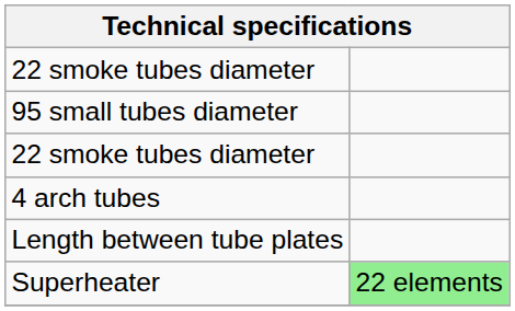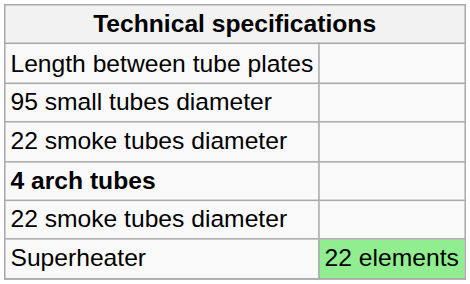 <table class="wikitable">
 <tr>
 <th colspan=2>Technical specifications</th>
 </tr>
 <tr>
-<td>22 smoke tubes diameter</td>
+<td>Length between tube plates</td>
 <td></td>
 </tr>
 <tr>
 <td>95 small tubes diameter</td>
 <td></td>
 </tr>
 <tr>
 <td>22 smoke tubes diameter</td>
 <td></td>
 </tr>
 <tr>
-<td>4 arch tubes</td>
+<td><strong>4 arch tubes</strong></td>
 <td></td>
 </tr>
 <tr>
-<td>Length between tube plates</td>
+<td>22 smoke tubes diameter</td>
 <td></td>
 </tr>
 <tr>
 <td>Superheater</td>
 <td style="background: lightgreen;">22 elements</td>
 </tr>
 <tr>
 </tr>
 </table>
